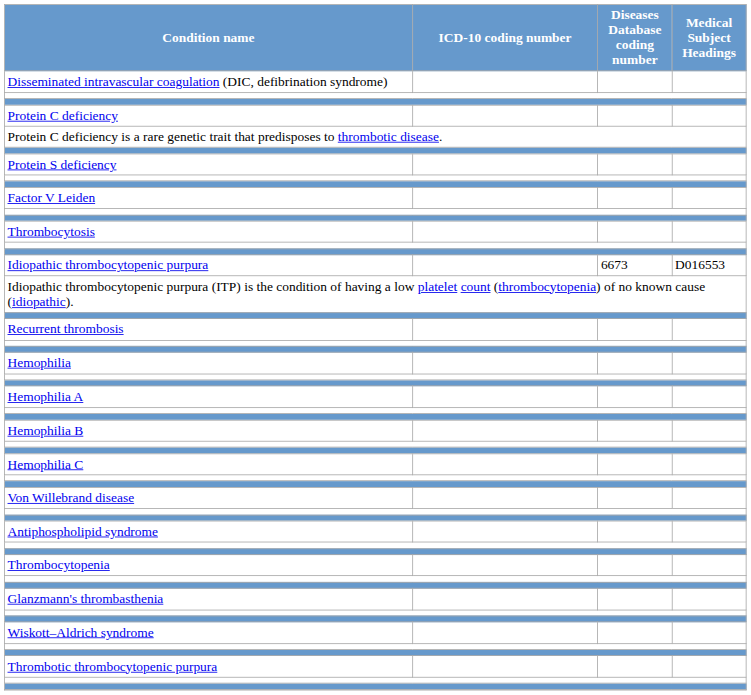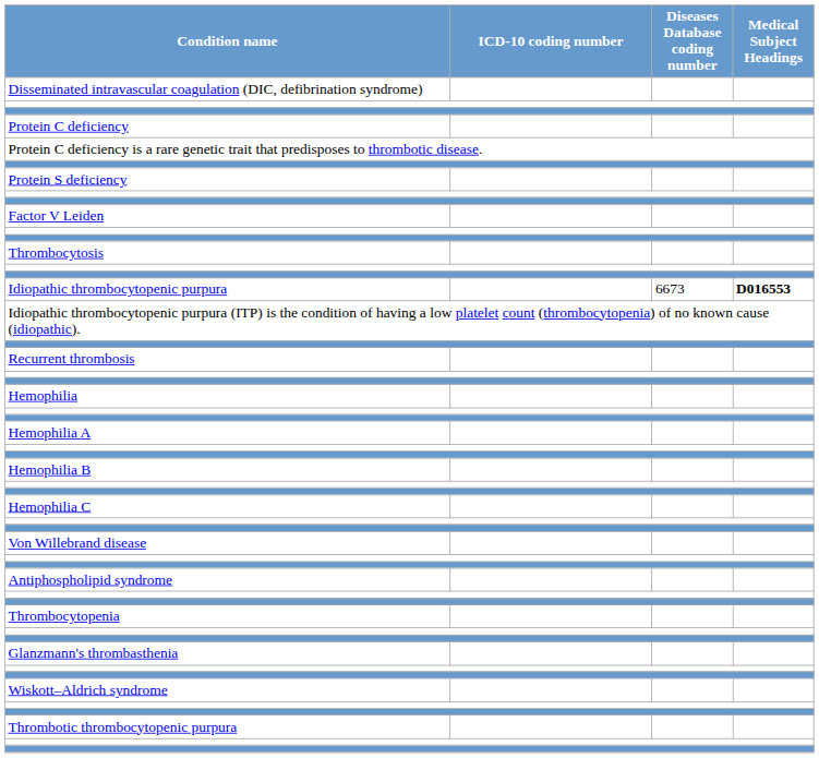 <table class="wikitable" style="width:100%; margin-right:auto; background: #FFFFFF;">
 <tr style="color:white">
 <th style="background-color:#6699CC; width:55%">Condition name</th>
 <th style="background-color:#6699CC; width:25%">ICD-10 coding number</th>
 <th style="background-color:#6699CC; width:10%">Diseases Database coding number</th>
 <th style="background-color:#6699CC; width:10%">Medical Subject Headings</th>
 </tr>
 <tr>
 <td><a href='#'>Disseminated intravascular coagulation</a> (DIC, defibrination syndrome)</td>
 <td></td>
 <td></td>
 <td></td>
 </tr>
 <tr>
 <td colspan="6"></td>
 </tr>
 <tr>
 <td colspan="6" bgcolor="#6699CC"></td>
 </tr>
 <tr>
 <td><a href='#'>Protein C deficiency</a></td>
 <td></td>
 <td></td>
 <td></td>
 </tr>
 <tr>
 <td colspan="6">Protein C deficiency is a rare genetic trait that predisposes to <a href='#'>thrombotic disease</a>.</td>
 </tr>
 <tr>
 <td colspan="6" bgcolor="#6699CC"></td>
 </tr>
 <tr>
 <td><a href='#'>Protein S deficiency</a></td>
 <td></td>
 <td></td>
 <td></td>
 </tr>
 <tr>
 <td colspan="6"></td>
 </tr>
 <tr>
 <td colspan="6" bgcolor="#6699CC"></td>
 </tr>
 <tr>
 <td><a href='#'>Factor V Leiden</a></td>
 <td></td>
 <td></td>
 <td></td>
 </tr>
 <tr>
 <td colspan="6"></td>
 </tr>
 <tr>
 <td colspan="6" bgcolor="#6699CC"></td>
 </tr>
 <tr>
 <td><a href='#'>Thrombocytosis</a></td>
 <td></td>
 <td></td>
 <td></td>
 </tr>
 <tr>
 <td colspan="6"></td>
 </tr>
 <tr>
 <td colspan="6" bgcolor="#6699CC"></td>
 </tr>
 <tr>
 <td><a href='#'>Idiopathic thrombocytopenic purpura</a></td>
 <td></td>
 <td>6673</td>
-<td>D016553</td>
+<td><strong>D016553</strong></td>
 </tr>
 <tr>
 <td colspan="6">Idiopathic thrombocytopenic purpura (ITP) is the condition of having a low <a href='#'>platelet</a> <a href='#'>count</a> (<a href='#'>thrombocytopenia</a>) of no known cause (<a href='#'>idiopathic</a>).</td>
 </tr>
 <tr>
 <td colspan="6" bgcolor="#6699CC"></td>
 </tr>
 <tr>
 <td><a href='#'>Recurrent thrombosis</a></td>
 <td></td>
 <td></td>
 <td></td>
 </tr>
 <tr>
 <td colspan="6"></td>
 </tr>
 <tr>
 <td colspan="6" bgcolor="#6699CC"></td>
 </tr>
 <tr>
 <td><a href='#'>Hemophilia</a></td>
 <td></td>
 <td></td>
 <td></td>
 </tr>
 <tr>
 <td colspan="6"></td>
 </tr>
 <tr>
 <td colspan="6" bgcolor="#6699CC"></td>
 </tr>
 <tr>
 <td><a href='#'>Hemophilia A</a></td>
 <td></td>
 <td></td>
 <td></td>
 </tr>
 <tr>
 <td colspan="6"></td>
 </tr>
 <tr>
 <td colspan="6" bgcolor="#6699CC"></td>
 </tr>
 <tr>
 <td><a href='#'>Hemophilia B</a></td>
 <td></td>
 <td></td>
 <td></td>
 </tr>
 <tr>
 <td colspan="6"></td>
 </tr>
 <tr>
 <td colspan="6" bgcolor="#6699CC"></td>
 </tr>
 <tr>
 <td><a href='#'>Hemophilia C</a></td>
 <td></td>
 <td></td>
 <td></td>
 </tr>
 <tr>
 <td colspan="6"></td>
 </tr>
 <tr>
 <td colspan="6" bgcolor="#6699CC"></td>
 </tr>
 <tr>
 <td><a href='#'>Von Willebrand disease</a></td>
 <td></td>
 <td></td>
 <td></td>
 </tr>
 <tr>
 <td colspan="6"></td>
 </tr>
 <tr>
 <td colspan="6" bgcolor="#6699CC"></td>
 </tr>
 <tr>
 <td><a href='#'>Antiphospholipid syndrome</a></td>
 <td></td>
 <td></td>
 <td></td>
 </tr>
 <tr>
 <td colspan="6"></td>
 </tr>
 <tr>
 <td colspan="6" bgcolor="#6699CC"></td>
 </tr>
 <tr>
 <td><a href='#'>Thrombocytopenia</a></td>
 <td></td>
 <td></td>
 <td></td>
 </tr>
 <tr>
 <td colspan="6"></td>
 </tr>
 <tr>
 <td colspan="6" bgcolor="#6699CC"></td>
 </tr>
 <tr>
 <td><a href='#'>Glanzmann's thrombasthenia</a></td>
 <td></td>
 <td></td>
 <td></td>
 </tr>
 <tr>
 <td colspan="6"></td>
 </tr>
 <tr>
 <td colspan="6" bgcolor="#6699CC"></td>
 </tr>
 <tr>
 <td><a href='#'>Wiskott–Aldrich syndrome</a></td>
 <td></td>
 <td></td>
 <td></td>
 </tr>
 <tr>
 <td colspan="6"></td>
 </tr>
 <tr>
 <td colspan="6" bgcolor="#6699CC"></td>
 </tr>
 <tr>
 <td><a href='#'>Thrombotic thrombocytopenic purpura</a></td>
 <td></td>
 <td></td>
 <td></td>
 </tr>
 <tr>
 <td colspan="6"></td>
 </tr>
 <tr>
 <td colspan="6" bgcolor="#6699CC"></td>
 </tr>
 <tr>
 </tr>
 </table>
